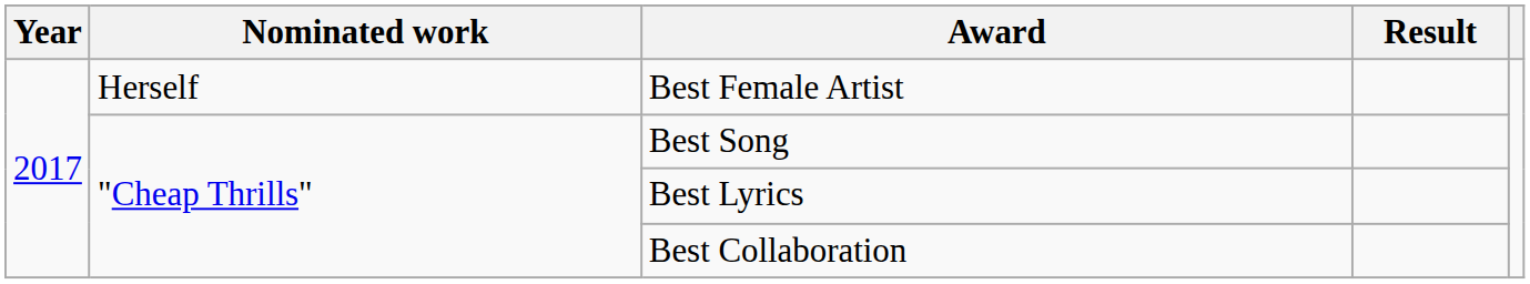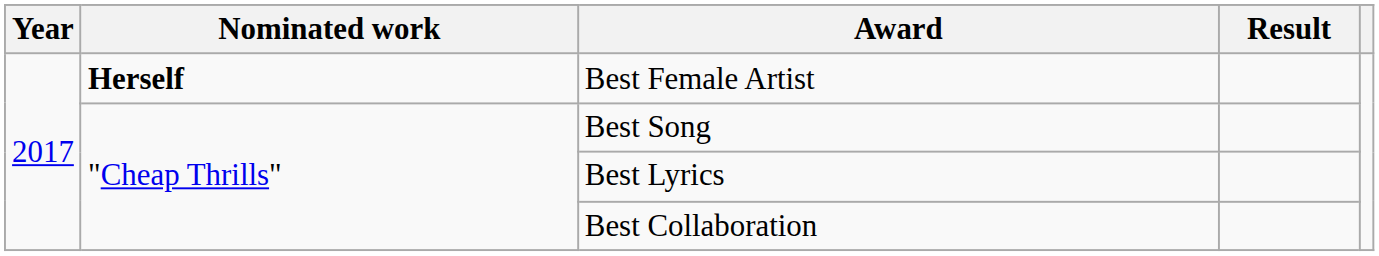 <table class="wikitable">
 <tr>
 <th>Year</th>
 <th style="width:250px;">Nominated work</th>
 <th style="width:325px;">Award</th>
 <th width="65">Result</th>
 <th></th>
 </tr>
 <tr>
 <td rowspan="4"><a href='#'>2017</a></td>
-<td>Herself</td>
+<td><strong>Herself</strong></td>
 <td>Best Female Artist</td>
 <td></td>
 <td rowspan="4"></td>
 </tr>
 <tr>
 <td rowspan="3">"<a href='#'>Cheap Thrills</a>"</td>
 <td>Best Song</td>
 <td></td>
 </tr>
 <tr>
 <td>Best Lyrics</td>
 <td></td>
 </tr>
 <tr>
 <td>Best Collaboration</td>
 <td></td>
 </tr>
 </table>
